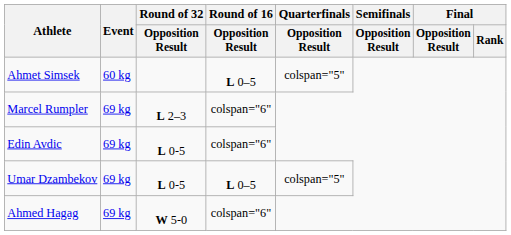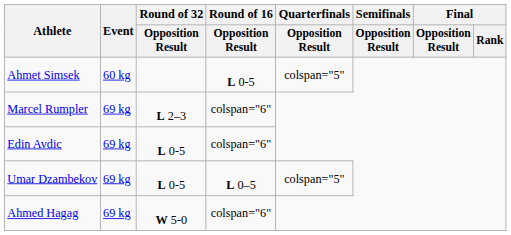 <table class="wikitable" style="font-size:90%">
 <tr>
 <th rowspan="2">Athlete</th>
 <th rowspan="2">Event</th>
 <th>Round of 32</th>
 <th>Round of 16</th>
 <th>Quarterfinals</th>
 <th>Semifinals</th>
 <th colspan=2>Final</th>
 </tr>
 <tr style="font-size:95%">
 <th>Opposition<br>Result</th>
 <th>Opposition<br>Result</th>
 <th>Opposition<br>Result</th>
 <th>Opposition<br>Result</th>
 <th>Opposition<br>Result</th>
 <th>Rank</th>
 </tr>
 <tr align=center>
 <td align=left><a href='#'>Ahmet Simsek</a></td>
 <td align=left><a href='#'>60 kg</a></td>
 <td></td>
-<td><br><strong>L</strong> 0–5</td>
+<td><br><strong>L</strong> 0-5</td>
 <td>colspan="5" </td>
 </tr>
 <tr align=center>
 <td align=left><a href='#'>Marcel Rumpler</a></td>
 <td align=left><a href='#'>69 kg</a></td>
 <td><br><strong>L</strong> 2–3</td>
 <td>colspan="6" </td>
 </tr>
 <tr align=center>
 <td align=left><a href='#'>Edin Avdic</a></td>
 <td align=left><a href='#'>69 kg</a></td>
 <td><br><strong>L</strong> 0-5</td>
 <td>colspan="6" </td>
 </tr>
 <tr align=center>
 <td align=left><a href='#'>Umar Dzambekov</a></td>
 <td align=left><a href='#'>69 kg</a></td>
 <td><br><strong>L</strong> 0-5</td>
 <td><br><strong>L</strong> 0–5</td>
 <td>colspan="5" </td>
 </tr>
 <tr align=center>
 <td align=left><a href='#'>Ahmed Hagag</a></td>
 <td align=left><a href='#'>69 kg</a></td>
 <td><br><strong>W</strong> 5-0</td>
 <td>colspan="6" </td>
 </tr>
 </table>
